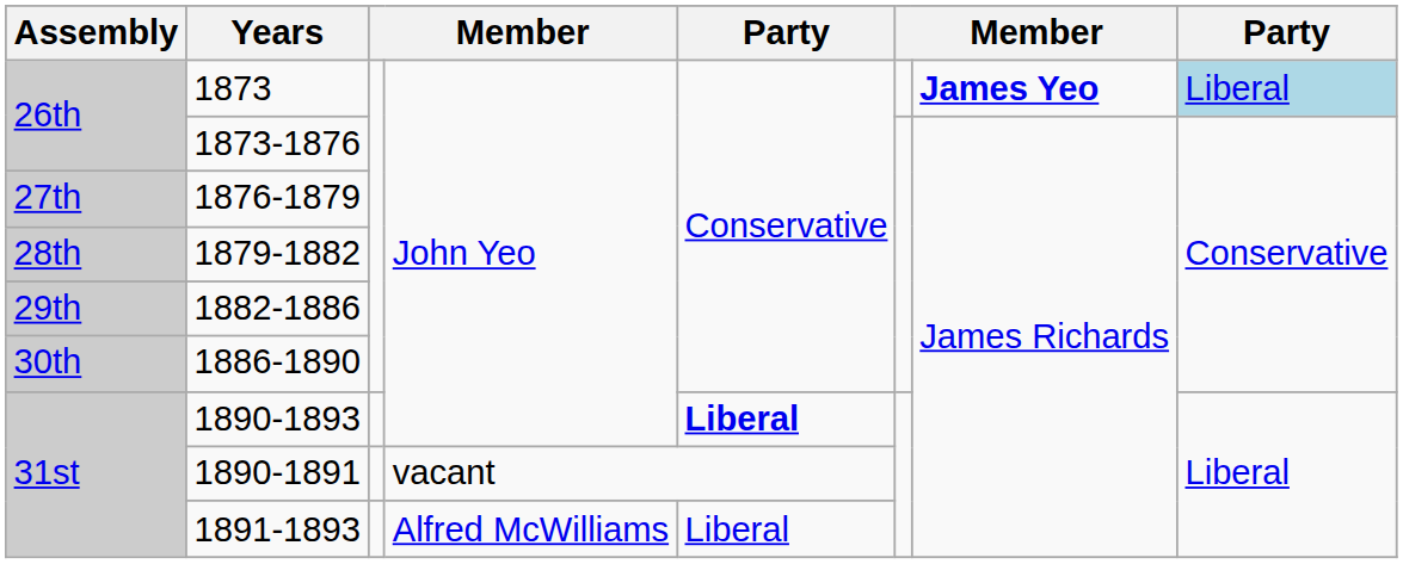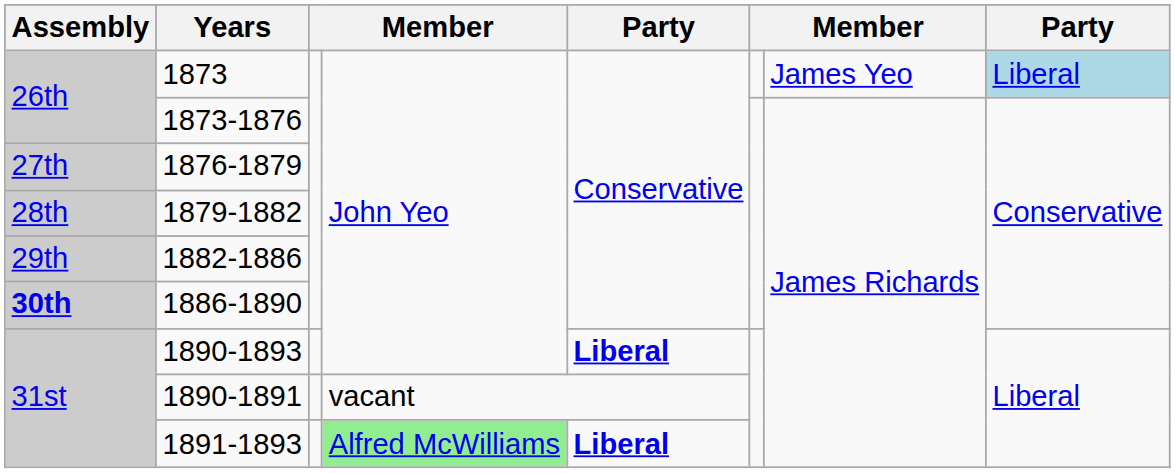 <table class="wikitable">
 <tr>
 <th>Assembly</th>
 <th>Years</th>
 <th colspan="2">Member</th>
 <th>Party</th>
 <th colspan="2">Member</th>
 <th>Party</th>
 </tr>
 <tr>
 <td bgcolor="CCCCCC" rowspan=2><a href='#'>26th</a></td>
 <td>1873</td>
 <td rowspan=6 ></td>
 <td rowspan=7><a href='#'>John Yeo</a></td>
 <td rowspan=6><a href='#'>Conservative</a></td>
 <td></td>
-<td><strong><a href='#'>James Yeo</a></strong></td>
+<td><a href='#'>James Yeo</a></td>
 <td style="background: lightblue;"><a href='#'>Liberal</a></td>
 </tr>
 <tr>
 <td>1873-1876</td>
 <td rowspan=5 ></td>
 <td rowspan=8><a href='#'>James Richards</a></td>
 <td rowspan=5><a href='#'>Conservative</a></td>
 </tr>
 <tr>
 <td bgcolor="CCCCCC"><a href='#'>27th</a></td>
 <td>1876-1879</td>
 </tr>
 <tr>
 <td bgcolor="CCCCCC"><a href='#'>28th</a></td>
 <td>1879-1882</td>
 </tr>
 <tr>
 <td bgcolor="CCCCCC"><a href='#'>29th</a></td>
 <td>1882-1886</td>
 </tr>
 <tr>
-<td bgcolor="CCCCCC"><a href='#'>30th</a></td>
+<td bgcolor="CCCCCC"><strong><a href='#'>30th</a></strong></td>
 <td>1886-1890</td>
 </tr>
 <tr>
 <td bgcolor="CCCCCC" rowspan=3><a href='#'>31st</a></td>
 <td>1890-1893</td>
 <td></td>
 <td><strong><a href='#'>Liberal</a></strong></td>
 <td rowspan=3 ></td>
 <td rowspan=3><a href='#'>Liberal</a></td>
 </tr>
 <tr>
 <td>1890-1891</td>
 <td></td>
 <td colspan="2">vacant</td>
 </tr>
 <tr>
 <td>1891-1893</td>
 <td></td>
-<td><a href='#'>Alfred McWilliams</a></td>
-<td><a href='#'>Liberal</a></td>
+<td style="background: lightgreen;"><a href='#'>Alfred McWilliams</a></td>
+<td><strong><a href='#'>Liberal</a></strong></td>
 </tr>
 </table>
